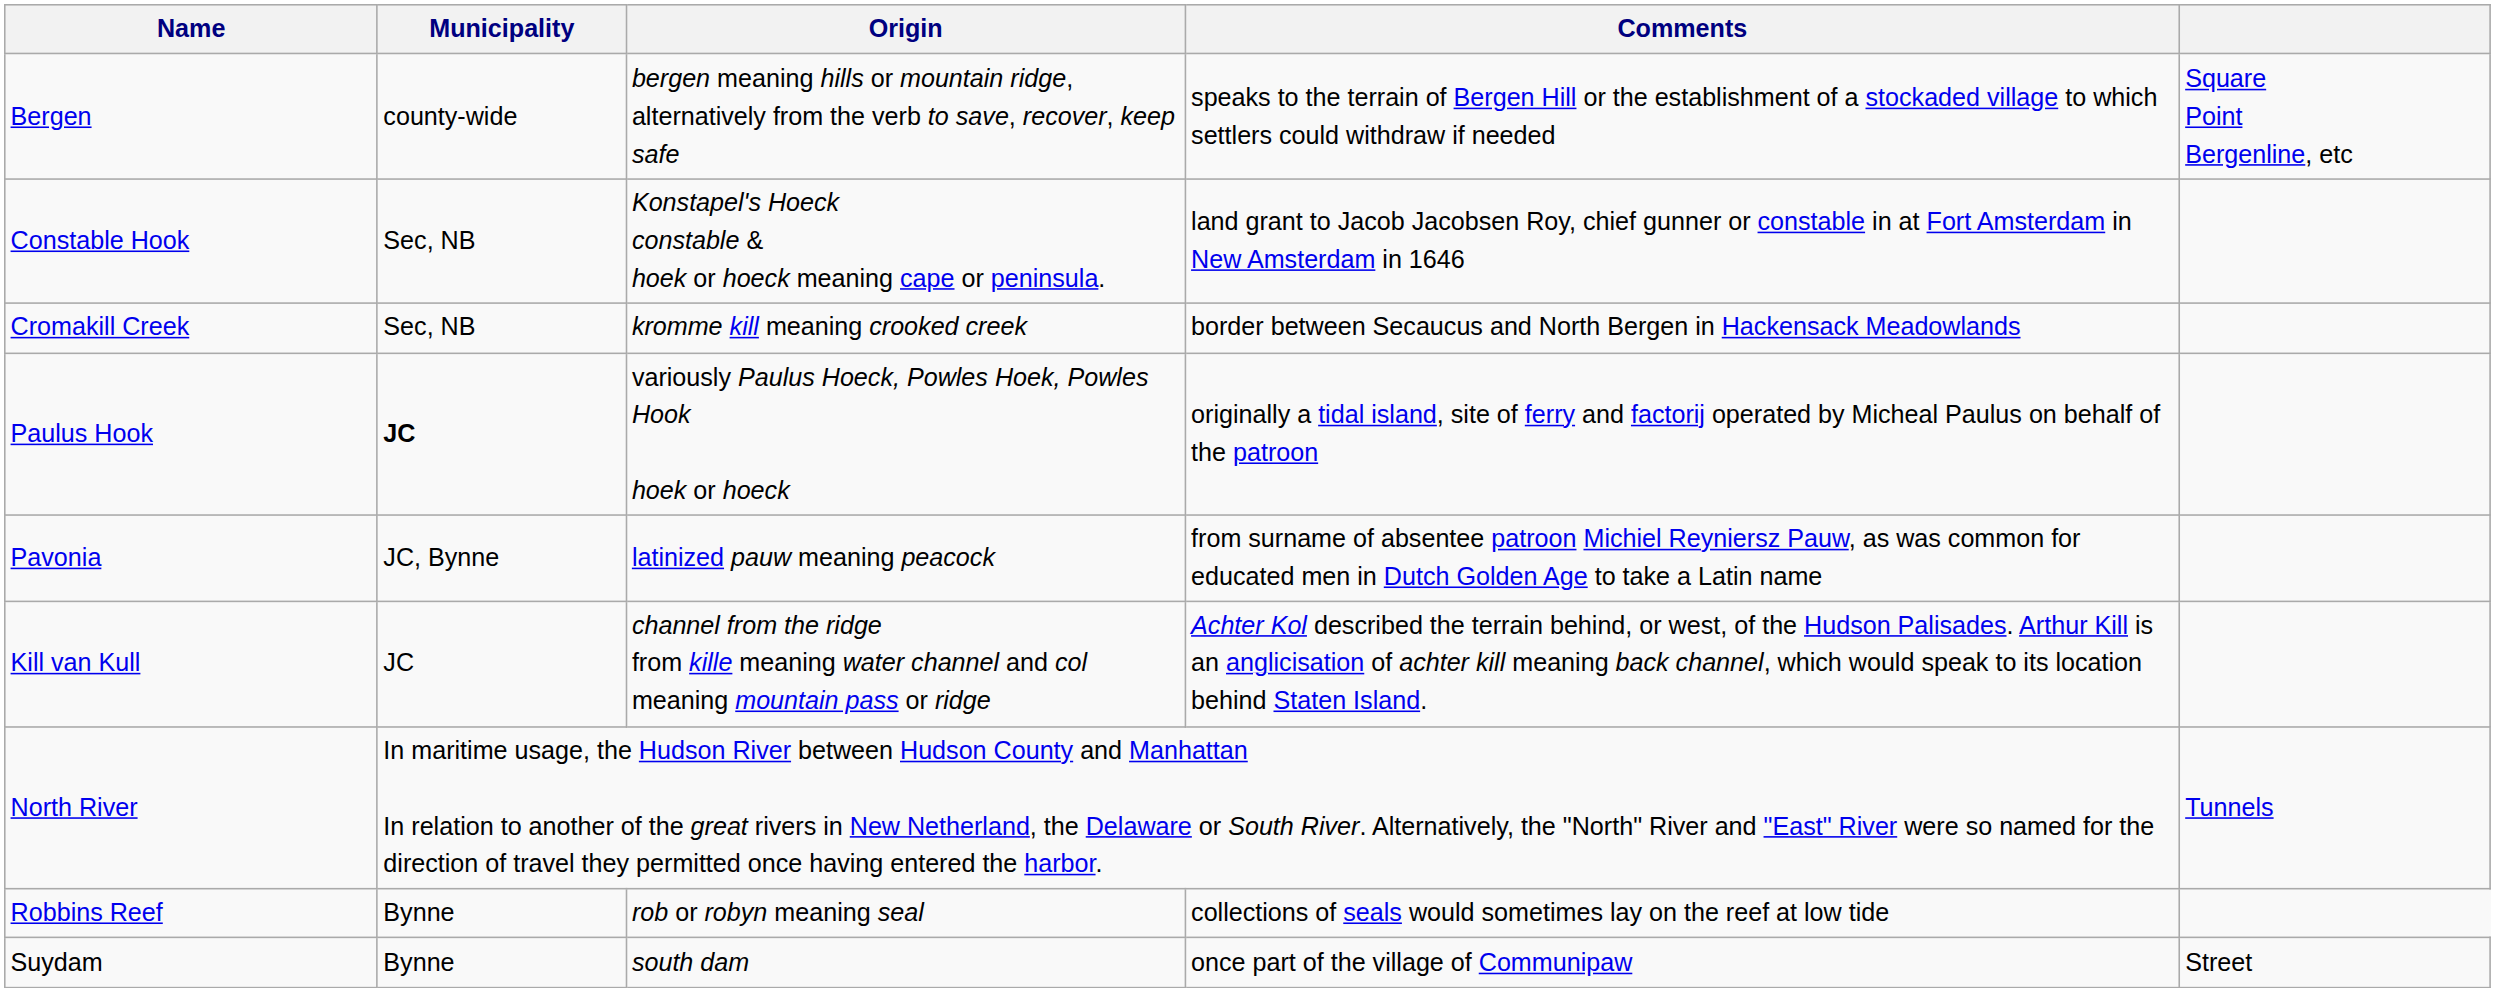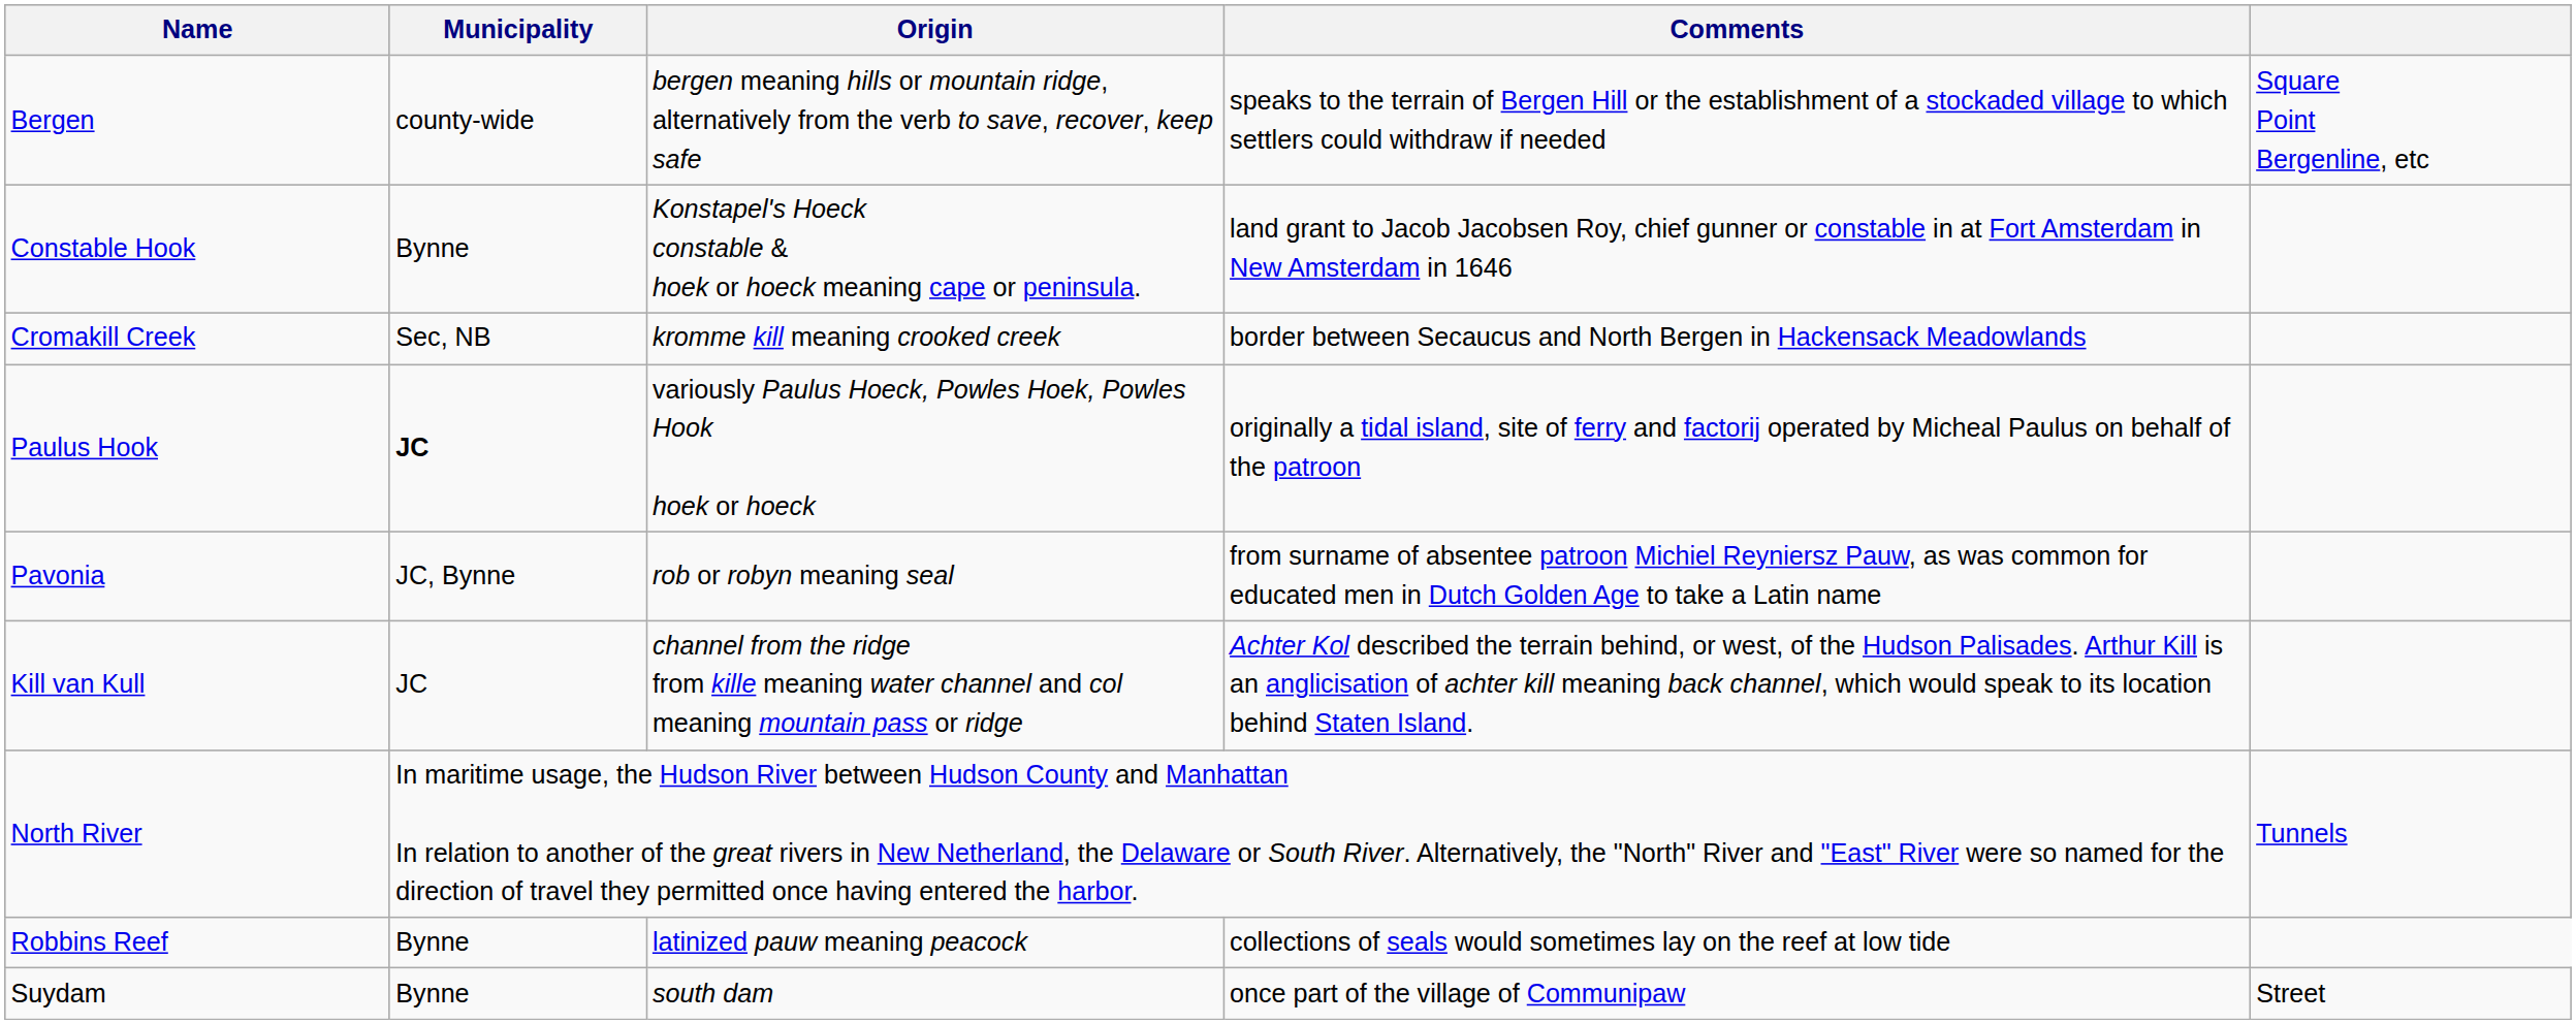 <table class="wikitable sortable" style="font-size:100%;width:100%;border:0px;text-align:left;line-height:150%;">
 <tr>
 <th style="background: #f2f2f2; color: #000080" height="17"  width="15%">Name</th>
 <th style="background: #f2f2f2; color: #000080" height="17" width="10%">Municipality</th>
 <th style="background: #f2f2f2; color: #000080" height="17" width="22.5%">Origin</th>
 <th class="unsortable" style="background: #f2f2f2; color: #000080" height="17" width="40%">Comments</th>
 <th style="background: #f2f2f2; color: #000080" height="17" width="12.5%"></th>
 </tr>
 <tr>
 <td><a href='#'>Bergen</a></td>
 <td>county-wide</td>
 <td><em>bergen</em> meaning <em>hills</em> or <em>mountain ridge</em>,<br>alternatively from the verb <em>to save</em>, <em>recover</em>, <em>keep safe</em> </td>
 <td>speaks to the terrain of <a href='#'>Bergen Hill</a> or the establishment of a <a href='#'>stockaded village</a> to which settlers could withdraw if needed</td>
 <td><a href='#'>Square</a><br><a href='#'>Point</a><br><a href='#'>Bergenline</a>, etc</td>
 </tr>
 <tr>
 <td><a href='#'>Constable Hook</a></td>
-<td>Sec, NB</td>
+<td>Bynne</td>
 <td><em>Konstapel's Hoeck</em><br><em>constable</em> & <br><em>hoek</em> or <em>hoeck</em> meaning <a href='#'>cape</a> or <a href='#'>peninsula</a>.</td>
 <td>land grant to Jacob Jacobsen Roy, chief gunner or <a href='#'>constable</a> in at <a href='#'>Fort Amsterdam</a> in <a href='#'>New Amsterdam</a> in 1646<br></td>
 <td></td>
 </tr>
 <tr>
 <td><a href='#'>Cromakill Creek</a></td>
 <td>Sec, NB</td>
 <td><em>kromme <a href='#'>kill</a></em> meaning <em>crooked creek</em></td>
 <td>border between Secaucus and North Bergen in <a href='#'>Hackensack Meadowlands</a></td>
 <td></td>
 </tr>
 <tr>
 <td><a href='#'>Paulus Hook</a></td>
 <td><strong>JC</strong></td>
 <td>variously <em>Paulus Hoeck, Powles Hoek, Powles Hook</em><br><br><em>hoek</em> or <em>hoeck</em></td>
 <td>originally a <a href='#'>tidal island</a>, site of <a href='#'>ferry</a> and <a href='#'>factorij</a> operated by Micheal Paulus on behalf of the <a href='#'>patroon</a></td>
 <td></td>
 </tr>
 <tr>
 <td><a href='#'>Pavonia</a></td>
 <td>JC, Bynne</td>
-<td><a href='#'>latinized</a> <em>pauw</em> meaning <em>peacock</em></td>
+<td><em>rob</em> or <em>robyn</em> meaning <em>seal</em></td>
 <td>from surname of absentee <a href='#'>patroon</a> <a href='#'>Michiel Reyniersz Pauw</a>, as was common for educated men in <a href='#'>Dutch Golden Age</a> to take a Latin name</td>
 <td></td>
 </tr>
 <tr>
 <td><a href='#'>Kill van Kull</a></td>
 <td>JC</td>
 <td><em>channel from the ridge</em><br>from <em><a href='#'>kille</a></em> meaning <em>water channel</em> and <em>col</em> meaning <em><a href='#'>mountain pass</a></em> or <em>ridge</em></td>
 <td><em><a href='#'>Achter Kol</a></em> described the terrain behind, or west, of the <a href='#'>Hudson Palisades</a>. <a href='#'>Arthur Kill</a> is an <a href='#'>anglicisation</a> of <em>achter kill</em> meaning <em>back channel</em>, which would speak to its location behind <a href='#'>Staten Island</a>.</td>
 <td></td>
 </tr>
 <tr>
 <td><a href='#'>North River</a></td>
 <td colspan=3>In maritime usage, the <a href='#'>Hudson River</a> between <a href='#'>Hudson County</a> and <a href='#'>Manhattan</a><br><br>In relation to another of the <em>great</em> rivers in <a href='#'>New Netherland</a>, the <a href='#'>Delaware</a> or <em>South River</em>. Alternatively, the "North" River and <a href='#'>"East" River</a> were so named for the direction of travel they permitted once having entered the <a href='#'>harbor</a>.</td>
 <td><a href='#'>Tunnels</a></td>
 </tr>
 <tr>
 <td><a href='#'>Robbins Reef</a></td>
 <td>Bynne</td>
-<td><em>rob</em> or <em>robyn</em> meaning <em>seal</em></td>
+<td><a href='#'>latinized</a> <em>pauw</em> meaning <em>peacock</em></td>
 <td>collections of <a href='#'>seals</a> would sometimes lay on the reef at low tide</td>
 </tr>
 <tr>
 <td>Suydam</td>
 <td>Bynne</td>
 <td><em>south dam</em></td>
 <td>once part of the village of <a href='#'>Communipaw</a></td>
 <td>Street</td>
 </tr>
 </table>
